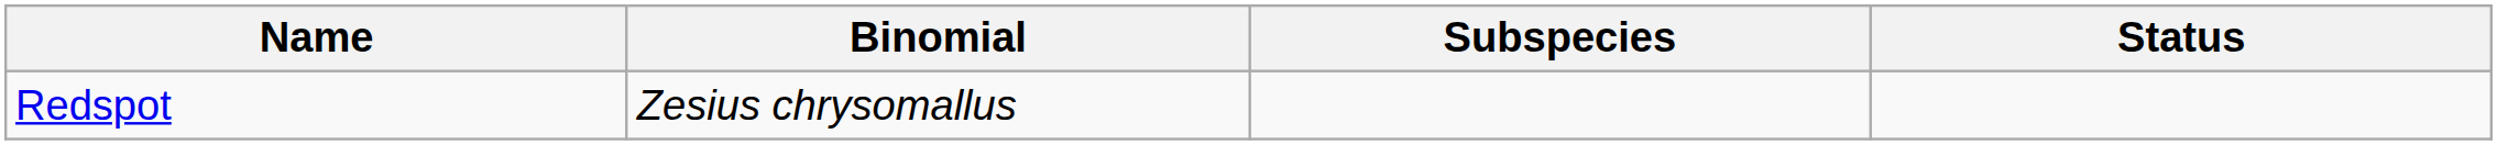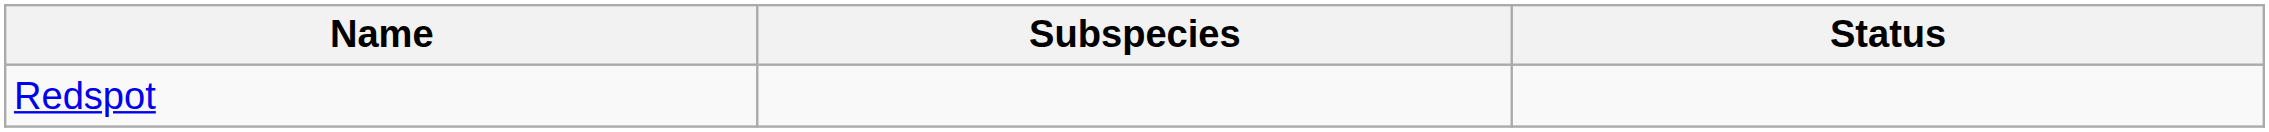 <table width=60% class="wikitable">
 <tr>
 <th width=20%>Name</th>
-<th width=20%>Binomial</th>
 <th width=20%>Subspecies</th>
 <th width=20%>Status</th>
 </tr>
 <tr>
 <td><a href='#'>Redspot</a><br> </td>
-<td><em>Zesius chrysomallus</em></td>
 <td></td>
 <td></td>
 </tr>
 </table>
